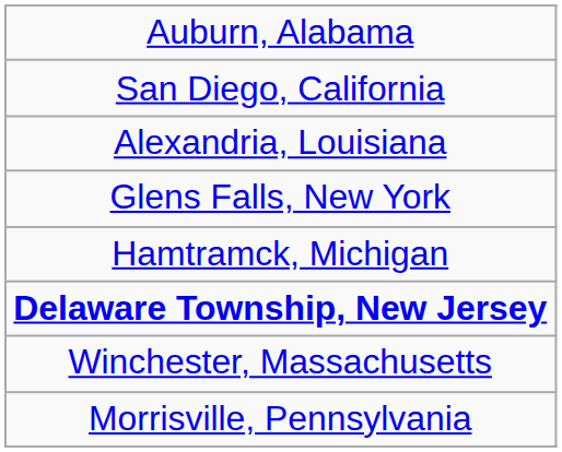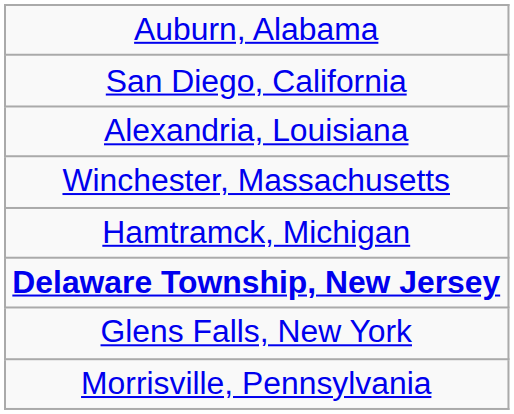 <table class="wikitable" style="text-align: center;">
 <tr>
 <td> <a href='#'>Auburn, Alabama</a></td>
 </tr>
 <tr>
 <td> <a href='#'>San Diego, California</a></td>
 </tr>
 <tr>
 <td> <a href='#'>Alexandria, Louisiana</a></td>
 </tr>
 <tr>
-<td> <a href='#'>Glens Falls, New York</a></td>
+<td> <a href='#'>Winchester, Massachusetts</a></td>
 </tr>
 <tr>
 <td> <a href='#'>Hamtramck, Michigan</a></td>
 </tr>
 <tr>
 <td><strong> <a href='#'>Delaware Township, New Jersey</a></strong></td>
 </tr>
 <tr>
-<td> <a href='#'>Winchester, Massachusetts</a></td>
+<td> <a href='#'>Glens Falls, New York</a></td>
 </tr>
 <tr>
 <td> <a href='#'>Morrisville, Pennsylvania</a></td>
 </tr>
 </table>
